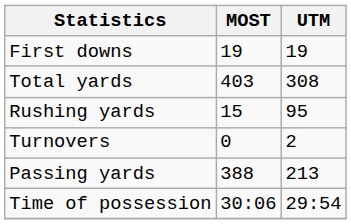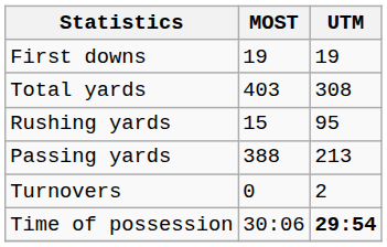 <table class="wikitable" style="float: left;">
 <tr>
 <th>Statistics</th>
 <th>MOST</th>
 <th>UTM</th>
 </tr>
 <tr>
 <td>First downs</td>
 <td>19</td>
 <td>19</td>
 </tr>
 <tr>
 <td>Total yards</td>
 <td>403</td>
 <td>308</td>
 </tr>
 <tr>
 <td>Rushing yards</td>
 <td>15</td>
 <td>95</td>
 </tr>
 <tr>
+<td>Passing yards</td>
+<td>388</td>
+<td>213</td>
+</tr>
+<tr>
 <td>Turnovers</td>
 <td>0</td>
 <td>2</td>
 </tr>
 <tr>
-<td>Passing yards</td>
-<td>388</td>
-<td>213</td>
-</tr>
-<tr>
 <td>Time of possession</td>
 <td>30:06</td>
-<td>29:54</td>
+<td><strong>29:54</strong></td>
 </tr>
 <tr>
 </tr>
 </table>
